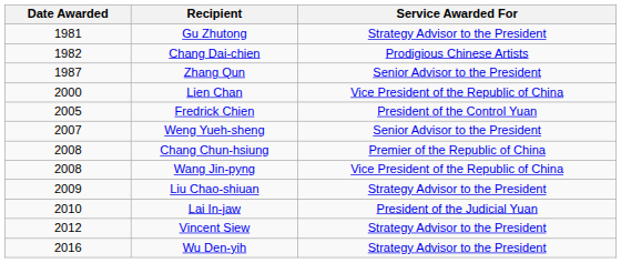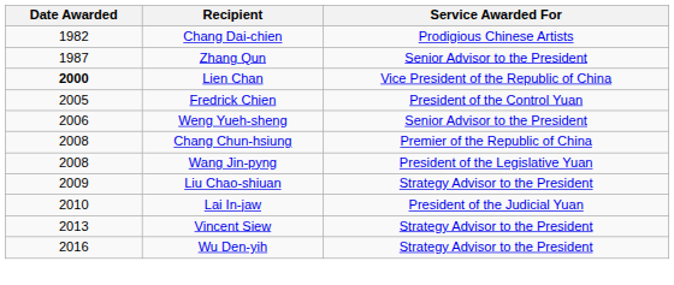 <table class="wikitable" | width="800px"  style="align: left; margin: 0px" |>
 <tr>
 <th>Date Awarded</th>
 <th>Recipient</th>
 <th>Service Awarded For</th>
-</tr>
-<tr align=center>
-<td>1981</td>
-<td><a href='#'>Gu Zhutong</a></td>
-<td><a href='#'>Strategy Advisor to the President</a></td>
 </tr>
 <tr align=center>
 <td>1982</td>
 <td><a href='#'>Chang Dai-chien</a></td>
 <td><a href='#'>Prodigious Chinese Artists</a></td>
 </tr>
 <tr align=center>
 <td>1987</td>
 <td><a href='#'>Zhang Qun</a></td>
 <td><a href='#'>Senior Advisor to the President</a></td>
 </tr>
 <tr align=center>
-<td>2000</td>
+<td><strong>2000</strong></td>
 <td><a href='#'>Lien Chan</a></td>
 <td><a href='#'>Vice President of the Republic of China</a></td>
 </tr>
 <tr align=center>
 <td>2005</td>
 <td><a href='#'>Fredrick Chien</a></td>
 <td><a href='#'>President of the Control Yuan</a></td>
 </tr>
 <tr align=center>
-<td>2007</td>
+<td>2006</td>
 <td><a href='#'>Weng Yueh-sheng</a></td>
 <td><a href='#'>Senior Advisor to the President</a></td>
 </tr>
 <tr align=center>
 <td>2008</td>
 <td><a href='#'>Chang Chun-hsiung</a></td>
 <td><a href='#'>Premier of the Republic of China</a></td>
 </tr>
 <tr align=center>
 <td>2008</td>
 <td><a href='#'>Wang Jin-pyng</a></td>
-<td><a href='#'>Vice President of the Republic of China</a></td>
+<td><a href='#'>President of the Legislative Yuan</a></td>
 </tr>
 <tr align=center>
 <td>2009</td>
 <td><a href='#'>Liu Chao-shiuan</a></td>
 <td><a href='#'>Strategy Advisor to the President</a></td>
 </tr>
 <tr align=center>
 <td>2010</td>
 <td><a href='#'>Lai In-jaw</a></td>
 <td><a href='#'>President of the Judicial Yuan</a></td>
 </tr>
 <tr align=center>
-<td>2012</td>
+<td>2013</td>
 <td><a href='#'>Vincent Siew</a></td>
 <td><a href='#'>Strategy Advisor to the President</a></td>
 </tr>
 <tr align=center>
 <td>2016</td>
 <td><a href='#'>Wu Den-yih</a></td>
 <td><a href='#'>Strategy Advisor to the President</a></td>
 </tr>
 </table>
